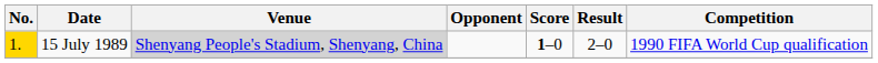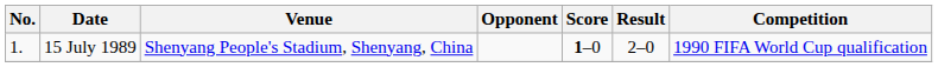 <table class="wikitable">
 <tr>
 <th>No.</th>
 <th>Date</th>
 <th>Venue</th>
 <th>Opponent</th>
 <th>Score</th>
 <th>Result</th>
 <th>Competition</th>
 </tr>
 <tr>
-<td style="background: gold;">1.</td>
+<td>1.</td>
 <td>15 July 1989</td>
-<td style="background: lightgrey;"><a href='#'>Shenyang People's Stadium</a>, <a href='#'>Shenyang</a>, <a href='#'>China</a></td>
+<td><a href='#'>Shenyang People's Stadium</a>, <a href='#'>Shenyang</a>, <a href='#'>China</a></td>
 <td></td>
 <td align=center><strong>1</strong>–0</td>
 <td align=center>2–0</td>
 <td><a href='#'>1990 FIFA World Cup qualification</a></td>
 </tr>
 <tr>
 </tr>
 </table>
